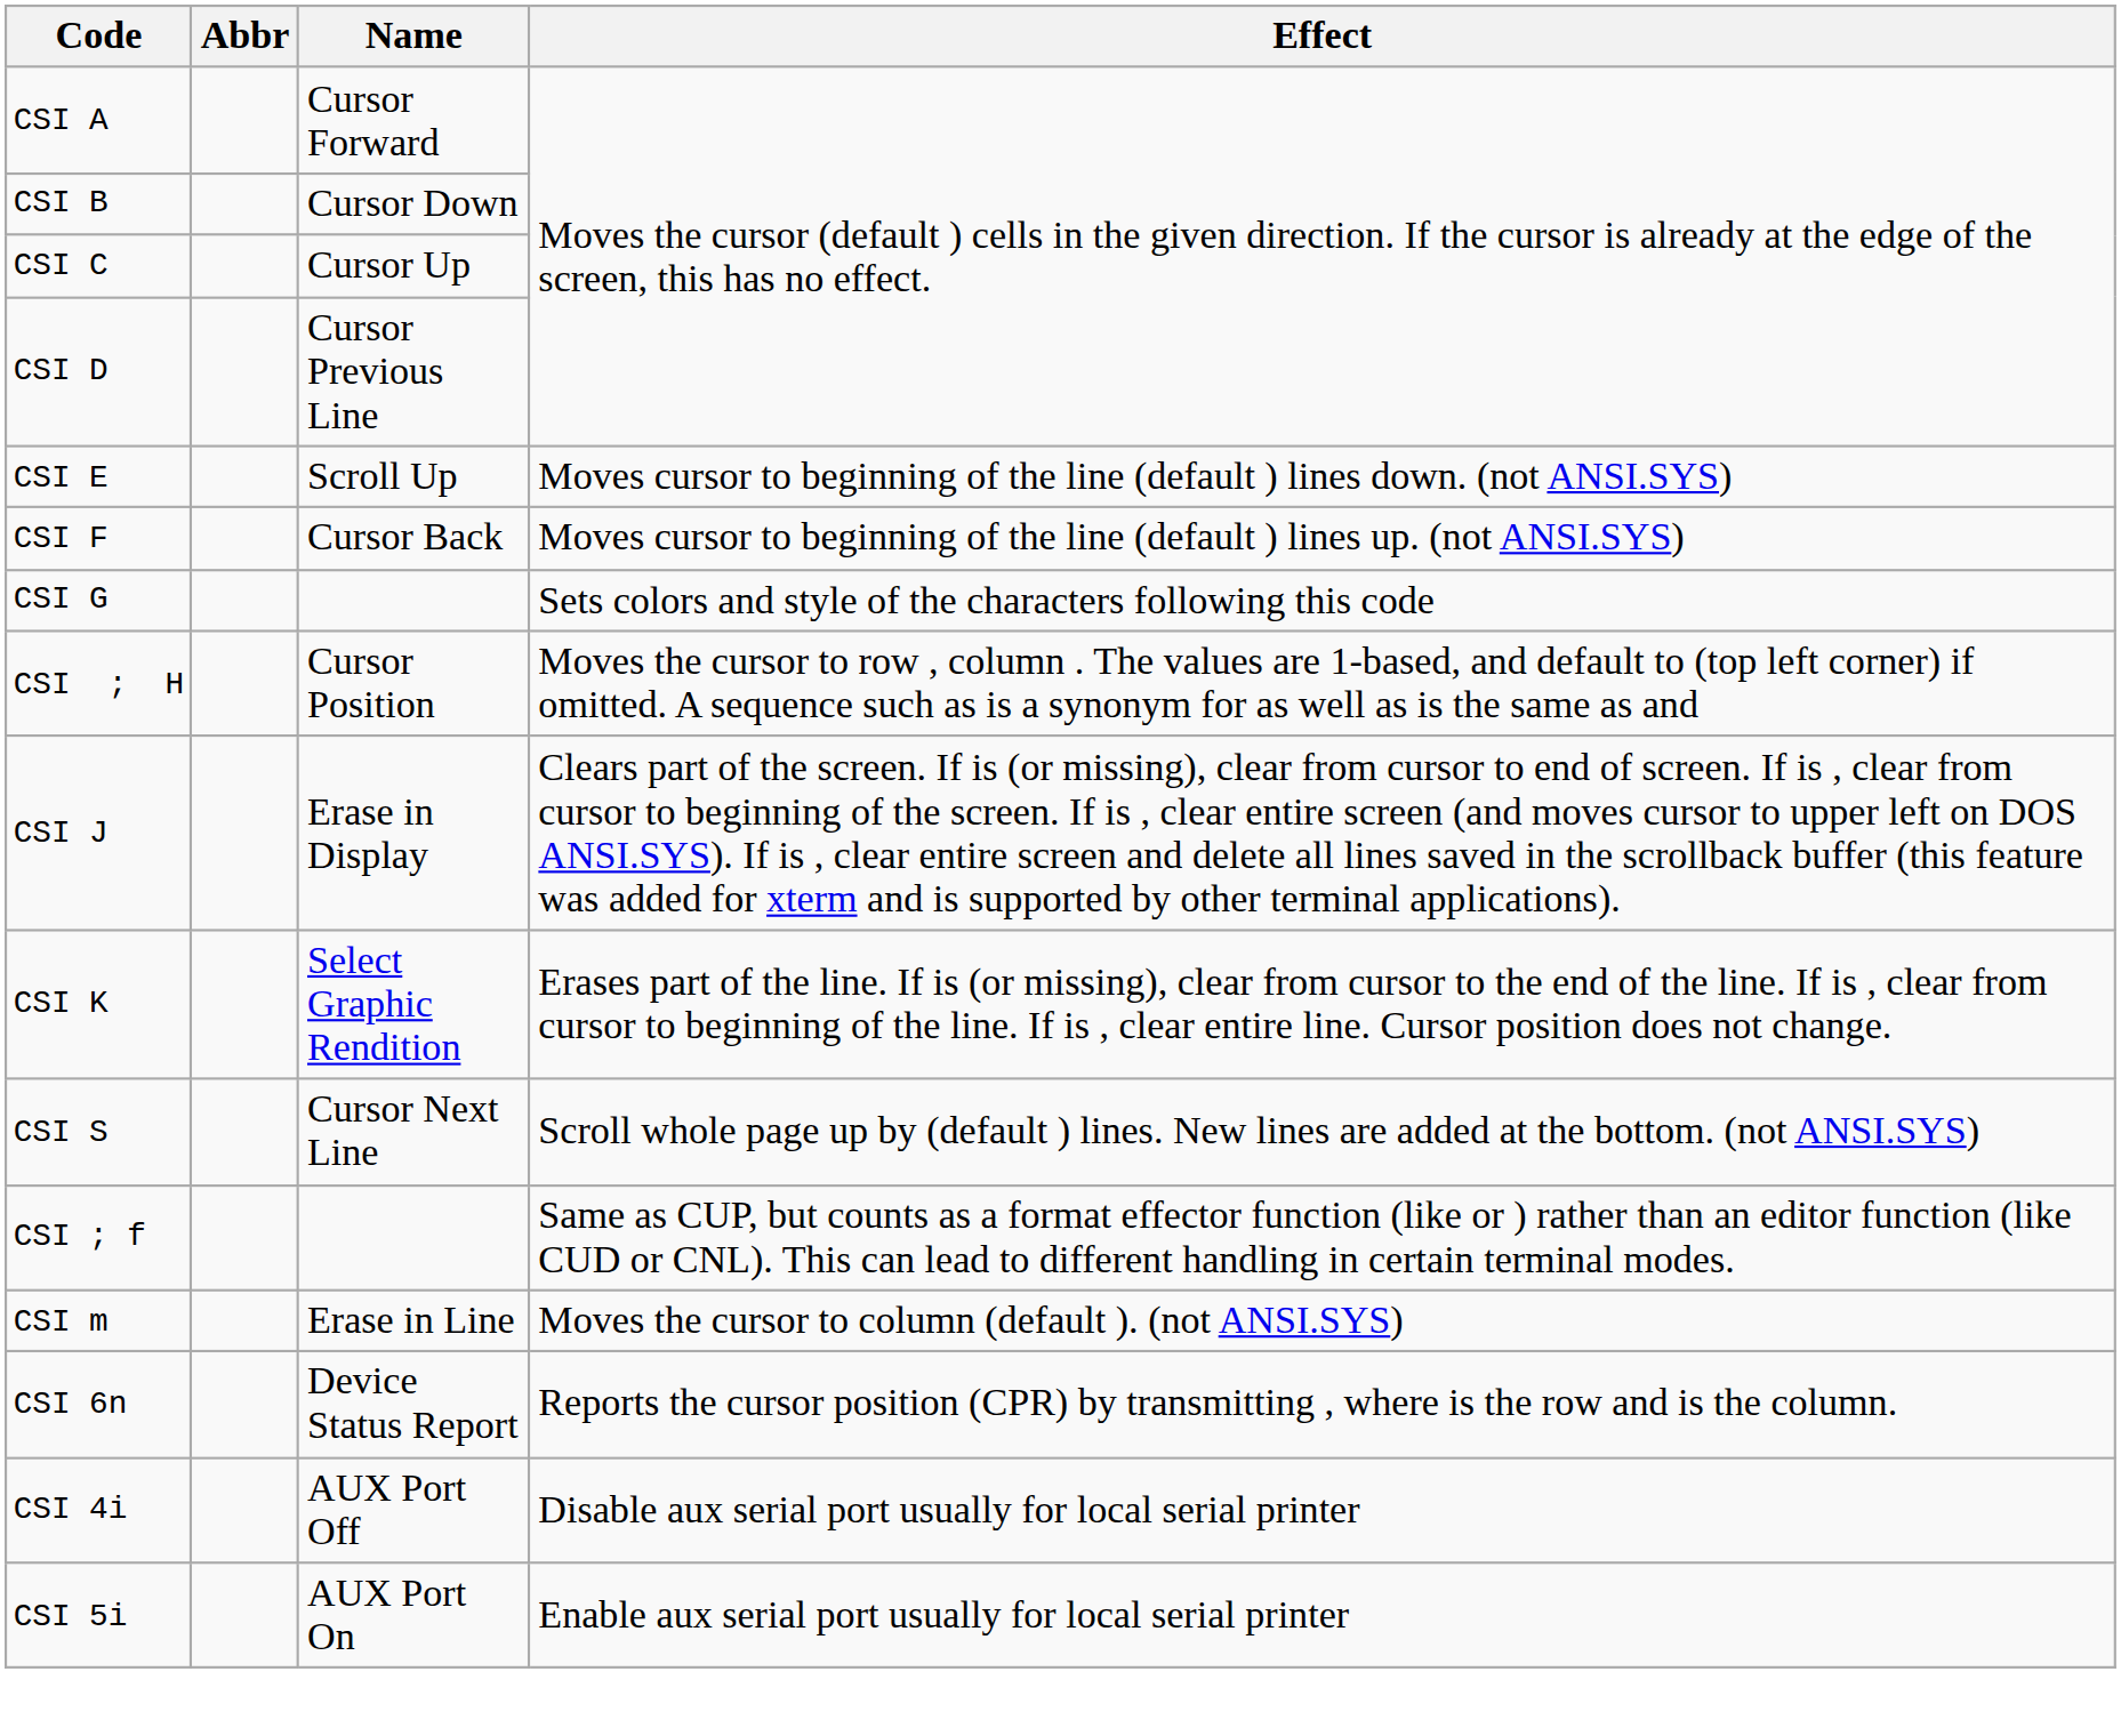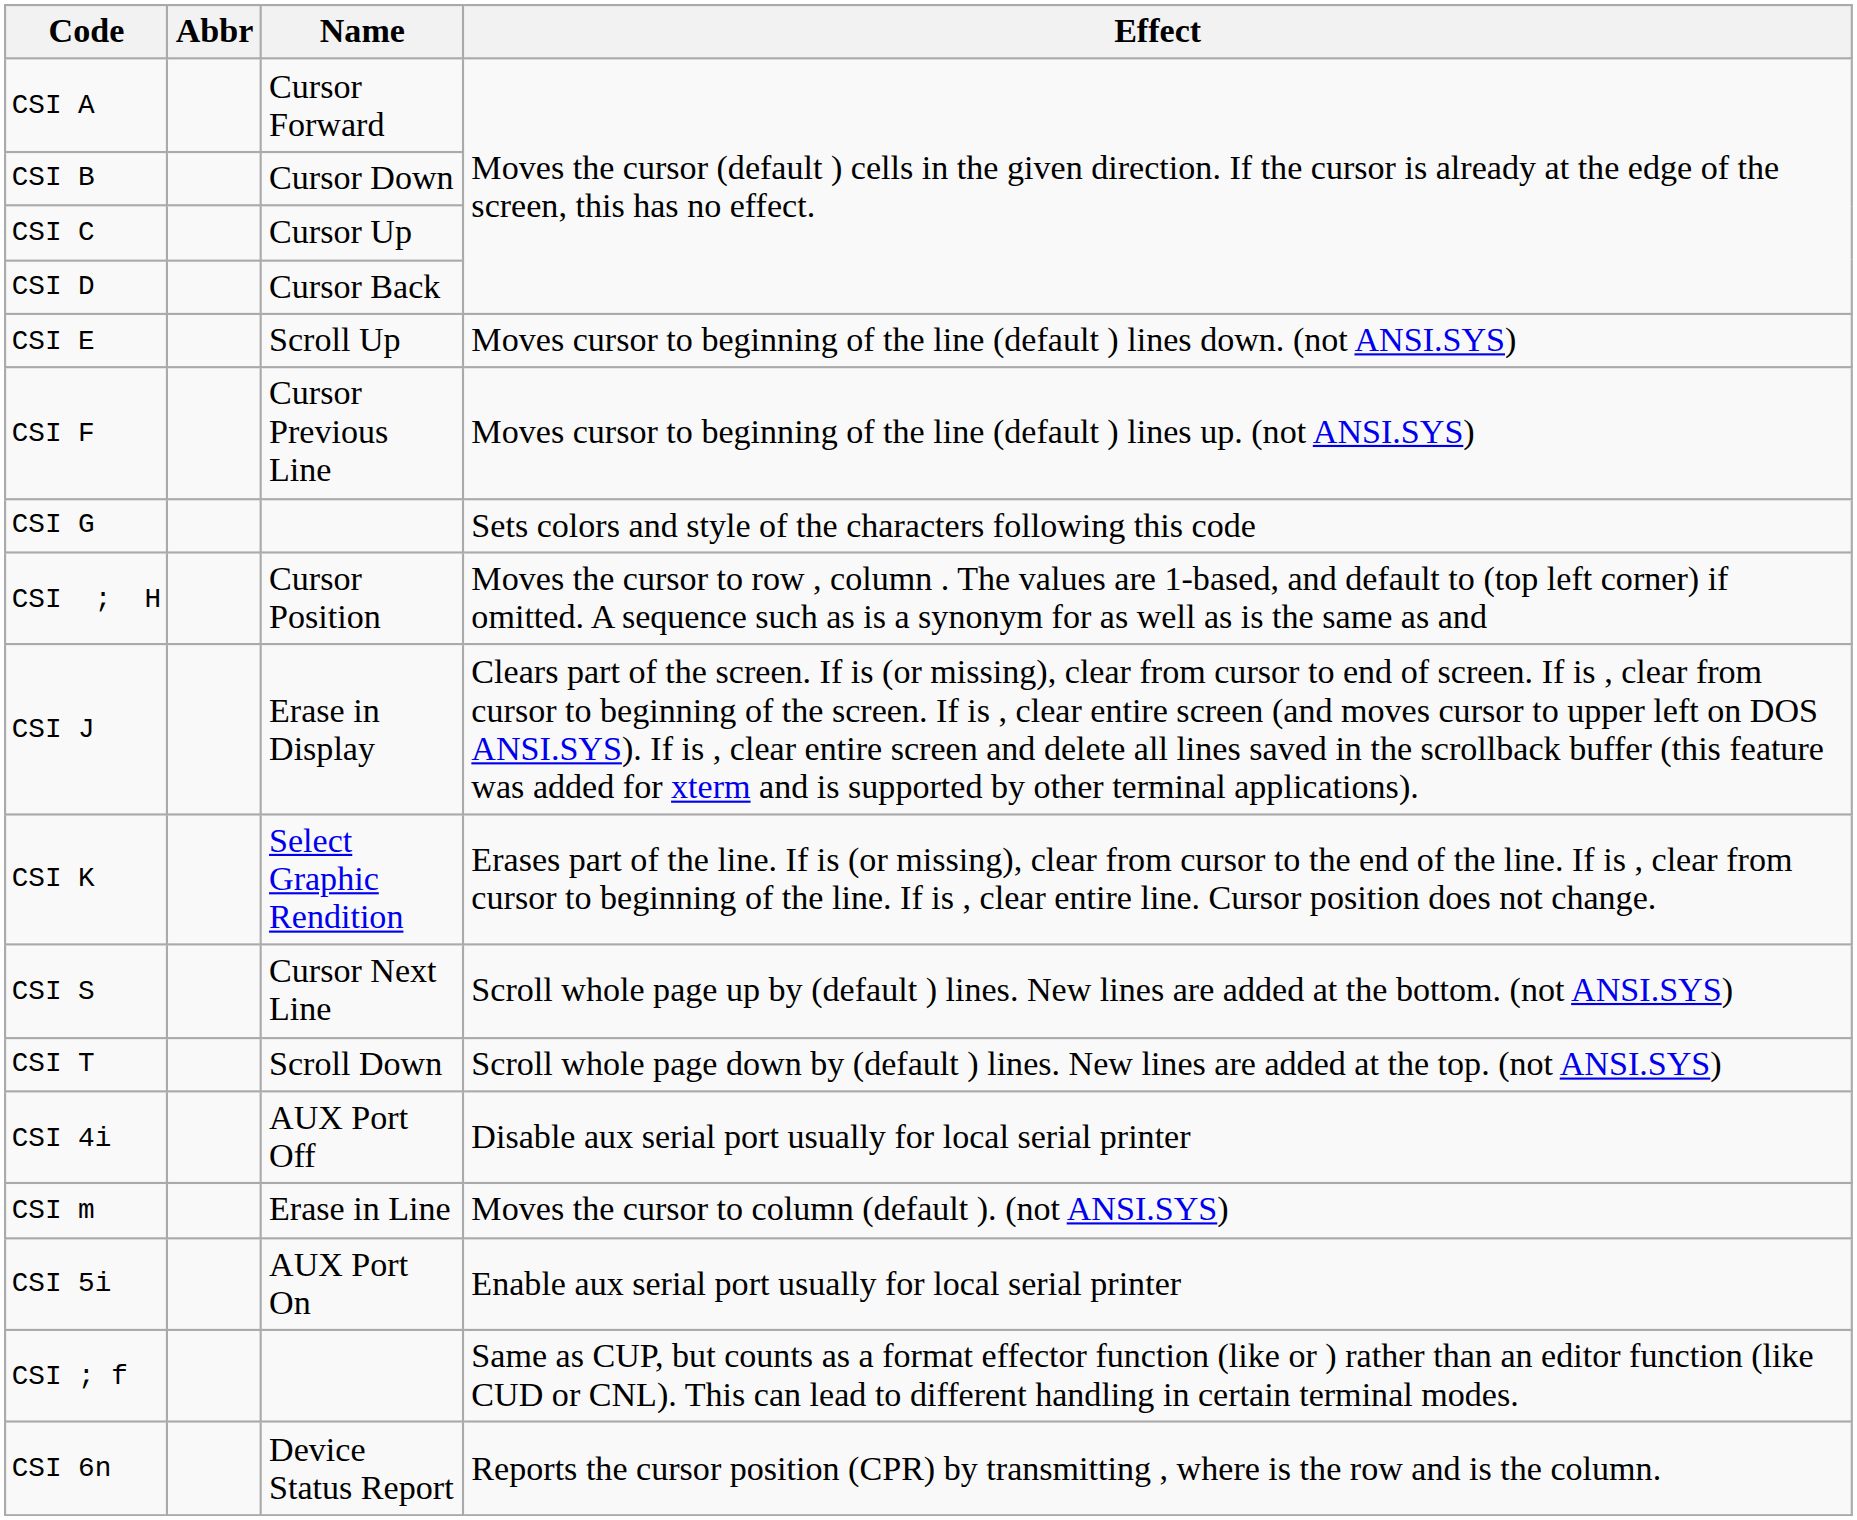 <table class="wikitable">
 <tr>
 <th>Code</th>
 <th>Abbr</th>
 <th>Name</th>
 <th>Effect</th>
 </tr>
 <tr id=CUU>
 <td style="font-family:monospace;">CSI  A</td>
 <td></td>
 <td>Cursor Forward</td>
 <td rowspan=4>Moves the cursor  (default ) cells in the given direction. If the cursor is already at the edge of the screen, this has no effect.</td>
 </tr>
 <tr id=CUD>
 <td style="font-family:monospace;">CSI  B</td>
 <td></td>
 <td>Cursor Down</td>
 </tr>
 <tr id=CUF>
 <td style="font-family:monospace;">CSI  C</td>
 <td></td>
 <td>Cursor Up</td>
 </tr>
 <tr id=CUB>
 <td style="font-family:monospace;">CSI  D</td>
 <td></td>
-<td>Cursor Previous Line</td>
+<td>Cursor Back</td>
 </tr>
 <tr id=CNL>
 <td style="font-family:monospace;">CSI  E</td>
 <td></td>
 <td>Scroll Up</td>
 <td>Moves cursor to beginning of the line  (default ) lines down.  (not <a href='#'>ANSI.SYS</a>)</td>
 </tr>
 <tr id=CPL>
 <td style="font-family:monospace;">CSI  F</td>
 <td></td>
-<td>Cursor Back</td>
+<td>Cursor Previous Line</td>
 <td>Moves cursor to beginning of the line  (default ) lines up.  (not <a href='#'>ANSI.SYS</a>)</td>
 </tr>
 <tr id=CHA>
 <td style="font-family:monospace;">CSI  G</td>
 <td></td>
 <td></td>
 <td>Sets colors and style of the characters following this code</td>
 </tr>
 <tr id=CUP>
 <td style="font-family:monospace;">CSI  ;  H</td>
 <td></td>
 <td>Cursor Position</td>
 <td>Moves the cursor to row , column .  The values are 1-based, and default to  (top left corner) if omitted.  A sequence such as  is a synonym for  as well as  is the same as  and </td>
 </tr>
 <tr id=ED>
 <td style= "font-family:monospace;">CSI  J</td>
 <td></td>
 <td>Erase in Display</td>
 <td>Clears part of the screen. If  is  (or missing), clear from cursor to end of screen. If  is , clear from cursor to beginning of the screen. If  is , clear entire screen (and moves cursor to upper left on DOS <a href='#'>ANSI.SYS</a>).  If  is , clear entire screen and delete all lines saved in the scrollback buffer (this feature was added for <a href='#'>xterm</a> and is supported by other terminal applications).</td>
 </tr>
 <tr id=EL>
 <td style="font-family:monospace;">CSI  K</td>
 <td></td>
 <td><a href='#'>Select Graphic Rendition</a></td>
 <td>Erases part of the line. If  is  (or missing), clear from cursor to the end of the line. If  is , clear from cursor to beginning of the line. If  is , clear entire line.  Cursor position does not change.</td>
 </tr>
 <tr id=SU>
 <td style="font-family:monospace;">CSI  S</td>
 <td></td>
 <td>Cursor Next Line</td>
 <td>Scroll whole page up by  (default ) lines.  New lines are added at the bottom.  (not <a href='#'>ANSI.SYS</a>)</td>
 </tr>
-<tr id=HVP>
-<td style="font-family:monospace;">CSI  ;  f</td>
+<tr id=SD>
+<td style="font-family:monospace;">CSI  T</td>
 <td></td>
+<td>Scroll Down</td>
+<td>Scroll whole page down by  (default ) lines.  New lines are added at the top.  (not <a href='#'>ANSI.SYS</a>)</td>
+</tr>
+<tr id=noAUX>
+<td style="font-family:monospace;">CSI 4i</td>
 <td></td>
-<td>Same as CUP, but counts as a format effector function (like  or ) rather than an editor function (like CUD or CNL). This can lead to different handling in certain terminal modes.</td>
+<td>AUX Port Off</td>
+<td>Disable aux serial port usually for local serial printer<br></td>
 </tr>
 <tr>
 <td style="font-family:monospace;">CSI  m</td>
 <td></td>
 <td>Erase in Line</td>
 <td>Moves the cursor to column  (default ).  (not <a href='#'>ANSI.SYS</a>)</td>
 </tr>
+<tr id=AUX>
+<td style="font-family:monospace;">CSI 5i</td>
+<td></td>
+<td>AUX Port On</td>
+<td>Enable aux serial port usually for local serial printer</td>
+</tr>
+<tr id=HVP>
+<td style="font-family:monospace;">CSI  ;  f</td>
+<td></td>
+<td></td>
+<td>Same as CUP, but counts as a format effector function (like  or ) rather than an editor function (like CUD or CNL). This can lead to different handling in certain terminal modes.</td>
+</tr>
 <tr id=DSR>
 <td style="font-family:monospace;">CSI 6n</td>
 <td></td>
 <td>Device Status Report</td>
 <td>Reports the cursor position (CPR) by transmitting , where  is the row and  is the column.</td>
 </tr>
-<tr id=noAUX>
-<td style="font-family:monospace;">CSI 4i</td>
-<td></td>
-<td>AUX Port Off</td>
-<td>Disable aux serial port usually for local serial printer<br></td>
-</tr>
-<tr id=AUX>
-<td style="font-family:monospace;">CSI 5i</td>
-<td></td>
-<td>AUX Port On</td>
-<td>Enable aux serial port usually for local serial printer</td>
-</tr>
 </table>
